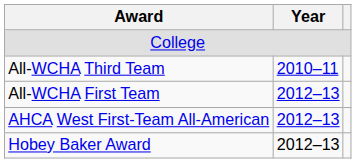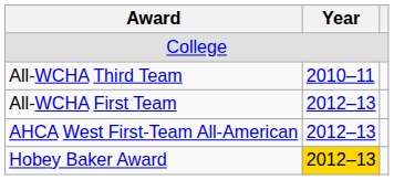 <table class="wikitable">
 <tr>
 <th>Award</th>
 <th>Year</th>
 <th></th>
 </tr>
 <tr ALIGN="center" bgcolor="#e0e0e0">
 <td colspan="3"><a href='#'>College</a></td>
 </tr>
 <tr>
 <td>All-<a href='#'>WCHA</a> <a href='#'>Third Team</a></td>
 <td><a href='#'>2010–11</a></td>
 <td></td>
 </tr>
 <tr>
 <td>All-<a href='#'>WCHA</a> <a href='#'>First Team</a></td>
 <td><a href='#'>2012–13</a></td>
 <td></td>
 </tr>
 <tr>
 <td><a href='#'>AHCA</a> <a href='#'>West First-Team All-American</a></td>
 <td><a href='#'>2012–13</a></td>
 <td></td>
 </tr>
 <tr>
 <td><a href='#'>Hobey Baker Award</a></td>
-<td>2012–13</td>
+<td style="background: gold;">2012–13</td>
 <td></td>
 </tr>
 </table>
